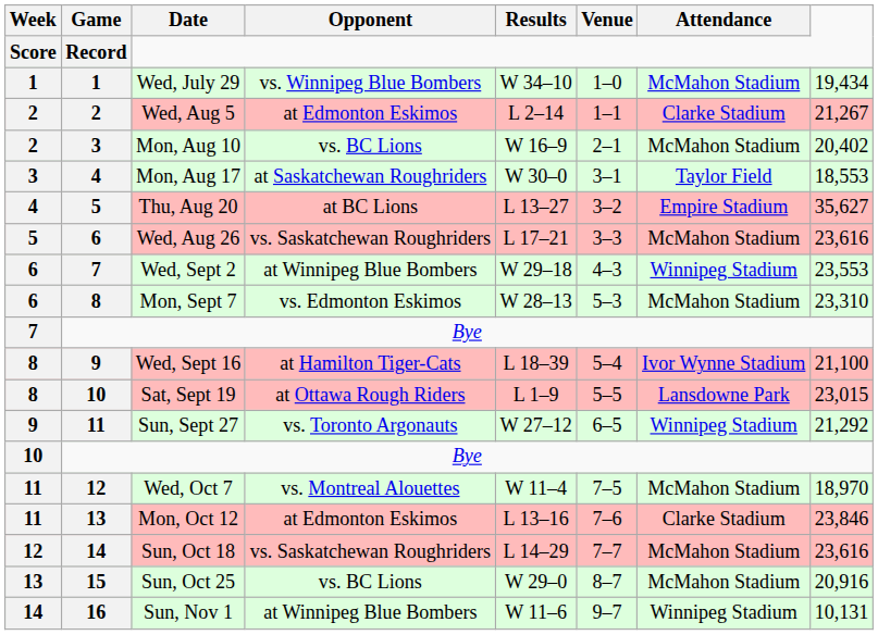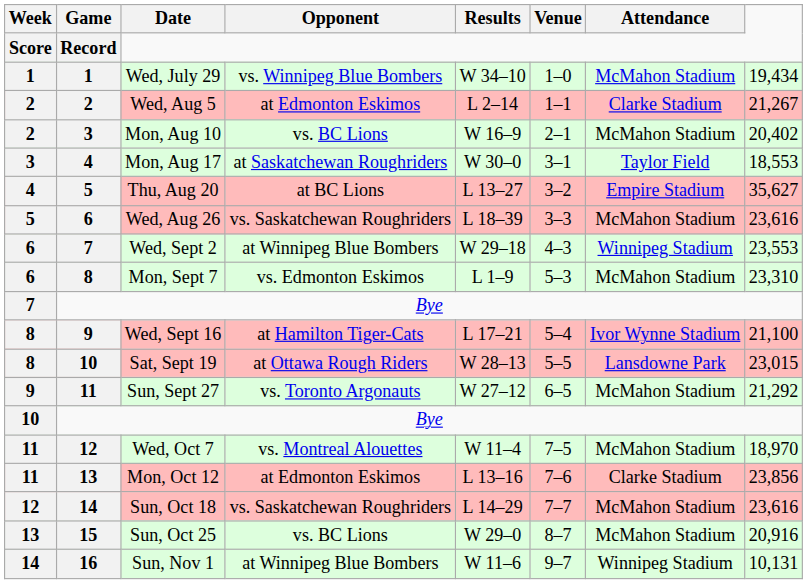 <table class="wikitable" style="text-align:center">
 <tr>
 <th>Week</th>
 <th>Game</th>
 <th>Date</th>
 <th>Opponent</th>
 <th>Results</th>
 <th>Venue</th>
 <th>Attendance</th>
 </tr>
 <tr>
 <th>Score</th>
 <th>Record</th>
 </tr>
 <tr style="background:#ddffdd">
 <th>1</th>
 <th>1</th>
 <td>Wed, July 29</td>
 <td>vs. <a href='#'>Winnipeg Blue Bombers</a></td>
 <td>W 34–10</td>
 <td>1–0</td>
 <td><a href='#'>McMahon Stadium</a></td>
 <td>19,434</td>
 </tr>
 <tr style="background:#ffbbbb">
 <th>2</th>
 <th>2</th>
 <td>Wed, Aug 5</td>
 <td>at <a href='#'>Edmonton Eskimos</a></td>
 <td>L 2–14</td>
 <td>1–1</td>
 <td><a href='#'>Clarke Stadium</a></td>
 <td>21,267</td>
 </tr>
 <tr style="background:#ddffdd">
 <th>2</th>
 <th>3</th>
 <td>Mon, Aug 10</td>
 <td>vs. <a href='#'>BC Lions</a></td>
 <td>W 16–9</td>
 <td>2–1</td>
 <td>McMahon Stadium</td>
 <td>20,402</td>
 </tr>
 <tr style="background:#ddffdd">
 <th>3</th>
 <th>4</th>
 <td>Mon, Aug 17</td>
 <td>at <a href='#'>Saskatchewan Roughriders</a></td>
 <td>W 30–0</td>
 <td>3–1</td>
 <td><a href='#'>Taylor Field</a></td>
 <td>18,553</td>
 </tr>
 <tr style="background:#ffbbbb">
 <th>4</th>
 <th>5</th>
 <td>Thu, Aug 20</td>
 <td>at BC Lions</td>
 <td>L 13–27</td>
 <td>3–2</td>
 <td><a href='#'>Empire Stadium</a></td>
 <td>35,627</td>
 </tr>
 <tr style="background:#ffbbbb">
 <th>5</th>
 <th>6</th>
 <td>Wed, Aug 26</td>
 <td>vs. Saskatchewan Roughriders</td>
-<td>L 17–21</td>
+<td>L 18–39</td>
 <td>3–3</td>
 <td>McMahon Stadium</td>
 <td>23,616</td>
 </tr>
 <tr style="background:#ddffdd">
 <th>6</th>
 <th>7</th>
 <td>Wed, Sept 2</td>
 <td>at Winnipeg Blue Bombers</td>
 <td>W 29–18</td>
 <td>4–3</td>
 <td><a href='#'>Winnipeg Stadium</a></td>
 <td>23,553</td>
 </tr>
 <tr style="background:#ddffdd">
 <th>6</th>
 <th>8</th>
 <td>Mon, Sept 7</td>
 <td>vs. Edmonton Eskimos</td>
-<td>W 28–13</td>
+<td>L 1–9</td>
 <td>5–3</td>
 <td>McMahon Stadium</td>
 <td>23,310</td>
 </tr>
 <tr>
 <th>7</th>
 <td colspan="7"><em><a href='#'>Bye</a></em></td>
 </tr>
 <tr style="background:#ffbbbb">
 <th>8</th>
 <th>9</th>
 <td>Wed, Sept 16</td>
 <td>at <a href='#'>Hamilton Tiger-Cats</a></td>
-<td>L 18–39</td>
+<td>L 17–21</td>
 <td>5–4</td>
 <td><a href='#'>Ivor Wynne Stadium</a></td>
 <td>21,100</td>
 </tr>
 <tr style="background:#ffbbbb">
 <th>8</th>
 <th>10</th>
 <td>Sat, Sept 19</td>
 <td>at <a href='#'>Ottawa Rough Riders</a></td>
-<td>L 1–9</td>
+<td>W 28–13</td>
 <td>5–5</td>
 <td><a href='#'>Lansdowne Park</a></td>
 <td>23,015</td>
 </tr>
 <tr style="background:#ddffdd">
 <th>9</th>
 <th>11</th>
 <td>Sun, Sept 27</td>
 <td>vs. <a href='#'>Toronto Argonauts</a></td>
 <td>W 27–12</td>
 <td>6–5</td>
-<td><a href='#'>Winnipeg Stadium</a></td>
+<td>McMahon Stadium</td>
 <td>21,292</td>
 </tr>
 <tr>
 <th>10</th>
 <td colspan="7"><em><a href='#'>Bye</a></em></td>
 </tr>
 <tr style="background:#ddffdd">
 <th>11</th>
 <th>12</th>
 <td>Wed, Oct 7</td>
 <td>vs. <a href='#'>Montreal Alouettes</a></td>
 <td>W 11–4</td>
 <td>7–5</td>
 <td>McMahon Stadium</td>
 <td>18,970</td>
 </tr>
 <tr style="background:#ffbbbb">
 <th>11</th>
 <th>13</th>
 <td>Mon, Oct 12</td>
 <td>at Edmonton Eskimos</td>
 <td>L 13–16</td>
 <td>7–6</td>
 <td>Clarke Stadium</td>
-<td>23,846</td>
+<td>23,856</td>
 </tr>
 <tr style="background:#ffbbbb">
 <th>12</th>
 <th>14</th>
 <td>Sun, Oct 18</td>
 <td>vs. Saskatchewan Roughriders</td>
 <td>L 14–29</td>
 <td>7–7</td>
 <td>McMahon Stadium</td>
 <td>23,616</td>
 </tr>
 <tr style="background:#ddffdd">
 <th>13</th>
 <th>15</th>
 <td>Sun, Oct 25</td>
 <td>vs. BC Lions</td>
 <td>W 29–0</td>
 <td>8–7</td>
 <td>McMahon Stadium</td>
 <td>20,916</td>
 </tr>
 <tr style="background:#ddffdd">
 <th>14</th>
 <th>16</th>
 <td>Sun, Nov 1</td>
 <td>at Winnipeg Blue Bombers</td>
 <td>W 11–6</td>
 <td>9–7</td>
 <td>Winnipeg Stadium</td>
 <td>10,131</td>
 </tr>
 </table>
